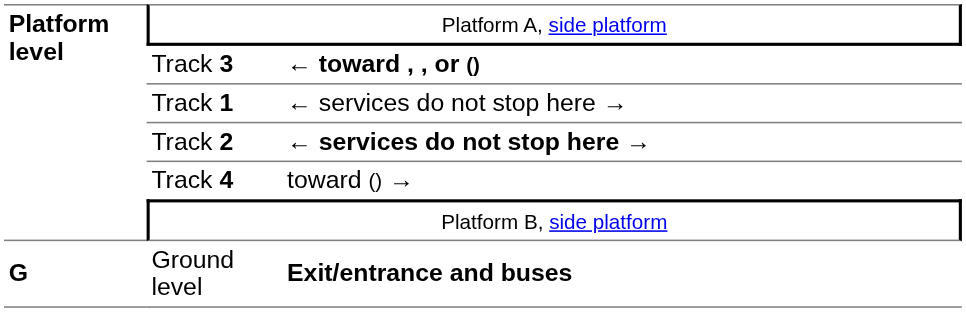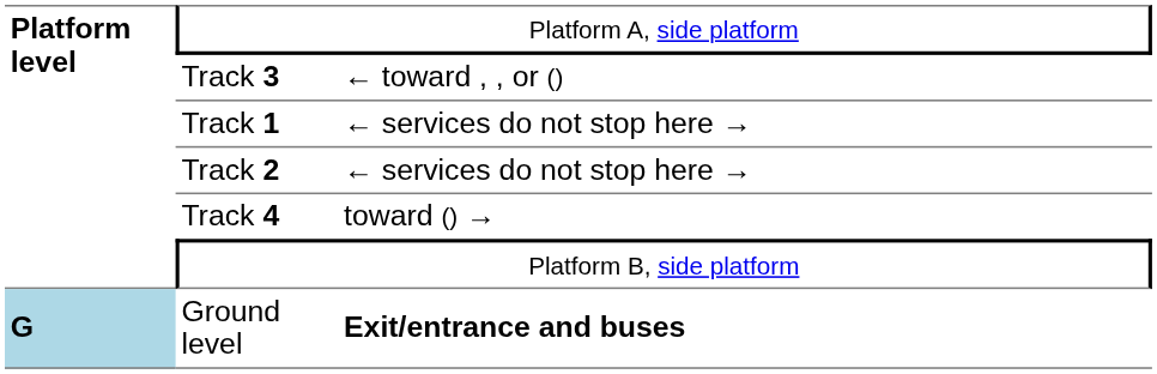 <table border=0 cellspacing=0 cellpadding=3>
 <tr>
 <td style="border-bottom:solid 1px gray;border-top:solid 1px gray;vertical-align:top;" width=100 rowspan=6><strong>Platform<br>level</strong></td>
 <td style="border-top:solid 1px gray;border-bottom:solid 2px black;border-right:solid 2px black;border-left:solid 2px black;text-align:center;" colspan=2><small>Platform A, <a href='#'>side platform</a> </small></td>
 </tr>
 <tr>
 <td style="border-bottom:solid 1px gray;border-top:solid 0px gray;" width=100>Track <strong>3</strong></td>
-<td style="border-bottom:solid 1px gray;border-top:solid 0px gray;" width=650><strong>←  toward , , or  <small>()</small></strong></td>
+<td style="border-bottom:solid 1px gray;border-top:solid 0px gray;" width=650>←  toward , , or  <small>()</small></td>
 </tr>
 <tr>
 <td style="border-bottom:solid 1px gray;">Track <strong>1</strong></td>
 <td style="border-bottom:solid 1px gray;">←  services do not stop here →</td>
 </tr>
 <tr>
 <td style="border-bottom:solid 1px gray;">Track <strong>2</strong></td>
-<td style="border-bottom:solid 1px gray;"><strong>←  services do not stop here →</strong></td>
+<td style="border-bottom:solid 1px gray;">←  services do not stop here →</td>
 </tr>
 <tr>
 <td>Track <strong>4</strong></td>
 <td>  toward  <small>()</small> →</td>
 <td></td>
 </tr>
 <tr>
 <td style="border-bottom:solid 1px gray;border-top:solid 2px black;border-right:solid 2px black;border-left:solid 2px black;text-align:center;" colspan=2><small>Platform B, <a href='#'>side platform</a> </small></td>
 </tr>
 <tr>
-<td style="border-bottom:solid 1px gray;"><strong>G</strong></td>
+<td style="background: lightblue; border-bottom:solid 1px gray;"><strong>G</strong></td>
 <td style="border-bottom:solid 1px gray;">Ground level</td>
 <td style="border-bottom:solid 1px gray;"><strong>Exit/entrance and buses</strong></td>
 </tr>
 </table>
